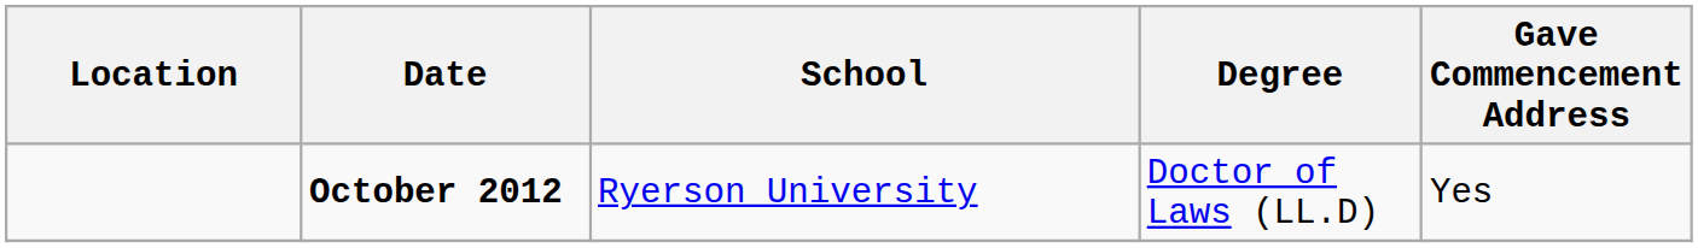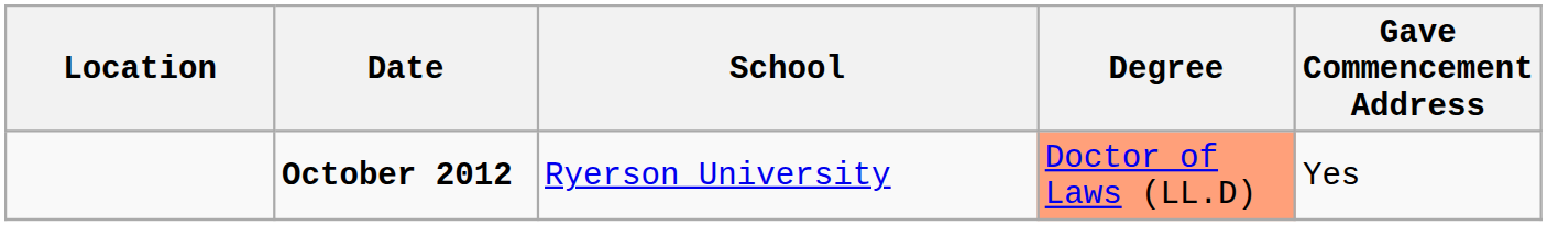 <table class="wikitable" style="width:100%;">
 <tr>
 <th style="width:20%;">Location</th>
 <th style="width:20%;">Date</th>
 <th style="width:40%;">School</th>
 <th style="width:20%;">Degree</th>
 <th style="width:20%;">Gave Commencement Address</th>
 </tr>
 <tr>
 <td></td>
 <td><strong>October 2012</strong></td>
 <td><a href='#'>Ryerson University</a></td>
-<td><a href='#'>Doctor of Laws</a> (LL.D) </td>
+<td style="background: lightsalmon;"><a href='#'>Doctor of Laws</a> (LL.D) </td>
 <td>Yes</td>
 </tr>
 <tr>
 </tr>
 </table>
